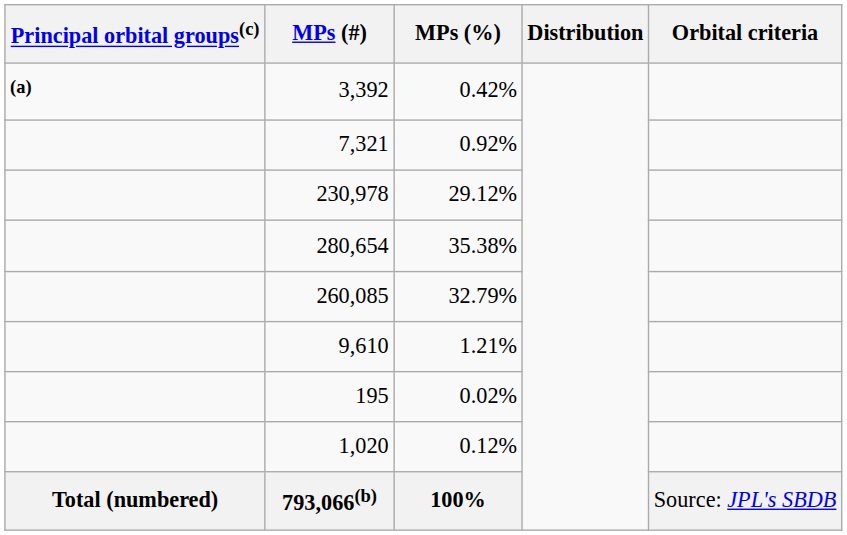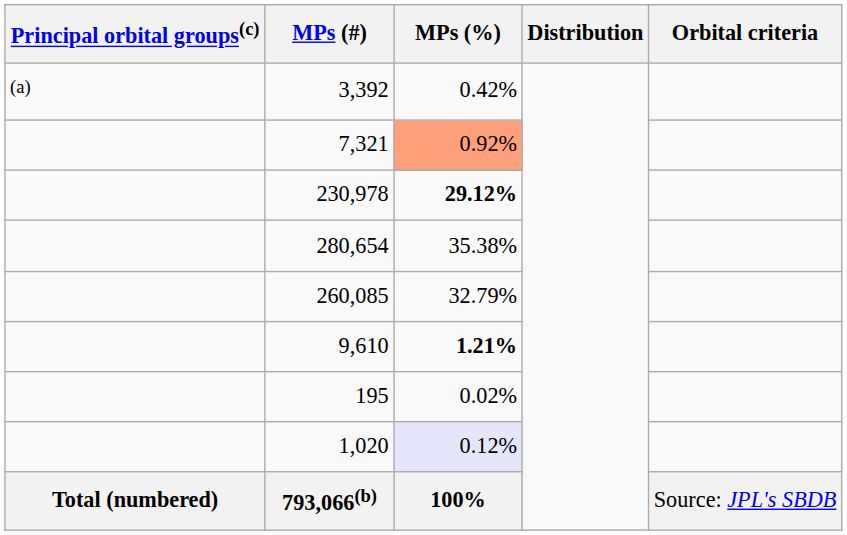 <table class="wikitable" style="line-height: 1.8em; margin-left: 1em;">
 <tr>
 <th width=180><a href='#'>Principal orbital groups</a><sup>(c)</sup></th>
 <th width=85><a href='#'>MPs</a> (#)</th>
 <th width=85>MPs (%)</th>
 <th>Distribution</th>
 <th>Orbital criteria</th>
 </tr>
 <tr>
-<td><strong><sup>(a)</sup></strong></td>
+<td><sup>(a)</sup></td>
 <td align=right>3,392</td>
 <td align=right>0.42%</td>
 <td rowspan=9 style="padding-left: 12px; padding-right: 10px;"><br></td>
 <td></td>
 </tr>
 <tr>
 <td></td>
 <td align=right>7,321</td>
-<td align=right>0.92%</td>
+<td align=right style="background: lightsalmon;">0.92%</td>
 <td></td>
 </tr>
 <tr>
 <td></td>
 <td align=right>230,978</td>
-<td align=right>29.12%</td>
+<td align=right><strong>29.12%</strong></td>
 <td></td>
 </tr>
 <tr>
 <td></td>
 <td align=right>280,654</td>
 <td align=right>35.38%</td>
 <td></td>
 </tr>
 <tr>
 <td></td>
 <td align=right>260,085</td>
 <td align=right>32.79%</td>
 <td></td>
 </tr>
 <tr>
 <td></td>
 <td align=right>9,610</td>
-<td align=right>1.21%</td>
+<td align=right><strong>1.21%</strong></td>
 <td></td>
 </tr>
 <tr>
 <td></td>
 <td align=right>195</td>
 <td align=right>0.02%</td>
 <td></td>
 </tr>
 <tr>
 <td></td>
 <td align=right>1,020</td>
-<td align=right>0.12%</td>
+<td align=right style="background: lavender;">0.12%</td>
 <td></td>
 </tr>
 <tr>
 <th>Total (numbered)</th>
 <th>793,066<sup>(b)</sup></th>
 <th>100%</th>
 <th style="font-weight: normal;">Source: <em><a href='#'>JPL's SBDB</a></em></th>
 </tr>
 </table>
